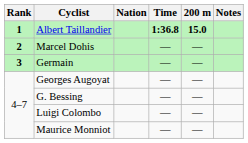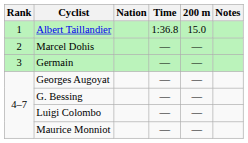 <table class="wikitable sortable" style="text-align:center">
 <tr>
 <th>Rank</th>
 <th>Cyclist</th>
 <th>Nation</th>
 <th>Time</th>
 <th>200 m</th>
 <th>Notes</th>
 </tr>
 <tr bgcolor=bbf3bb>
-<td><strong>1</strong></td>
+<td>1</td>
 <td align=left><a href='#'>Albert Taillandier</a></td>
 <td align=left></td>
-<td><strong>1:36.8</strong></td>
-<td><strong>15.0</strong></td>
+<td>1:36.8</td>
+<td>15.0</td>
 <td></td>
 </tr>
 <tr bgcolor=bbf3bb>
-<td><strong>2</strong></td>
+<td>2</td>
 <td align=left>Marcel Dohis</td>
 <td align=left></td>
 <td data-sort-value=9:99.9>—</td>
 <td data-sort-value=99.9>—</td>
 <td></td>
 </tr>
 <tr bgcolor=bbf3bb>
-<td><strong>3</strong></td>
+<td>3</td>
 <td align=left>Germain</td>
 <td align=left></td>
 <td data-sort-value=9:99.9>—</td>
 <td data-sort-value=99.9>—</td>
 <td></td>
 </tr>
 <tr>
 <td rowspan=4>4–7</td>
 <td align=left>Georges Augoyat</td>
 <td align=left></td>
 <td data-sort-value=9:99.9>—</td>
 <td data-sort-value=99.9>—</td>
 <td></td>
 </tr>
 <tr>
 <td align=left>G. Bessing</td>
 <td align=left></td>
 <td data-sort-value=9:99.9>—</td>
 <td data-sort-value=99.9>—</td>
 <td></td>
 </tr>
 <tr>
 <td align=left>Luigi Colombo</td>
 <td align=left></td>
 <td data-sort-value=9:99.9>—</td>
 <td data-sort-value=99.9>—</td>
 <td></td>
 </tr>
 <tr>
 <td align=left>Maurice Monniot</td>
 <td align=left></td>
 <td data-sort-value=9:99.9>—</td>
 <td data-sort-value=99.9>—</td>
 <td></td>
 </tr>
 </table>
